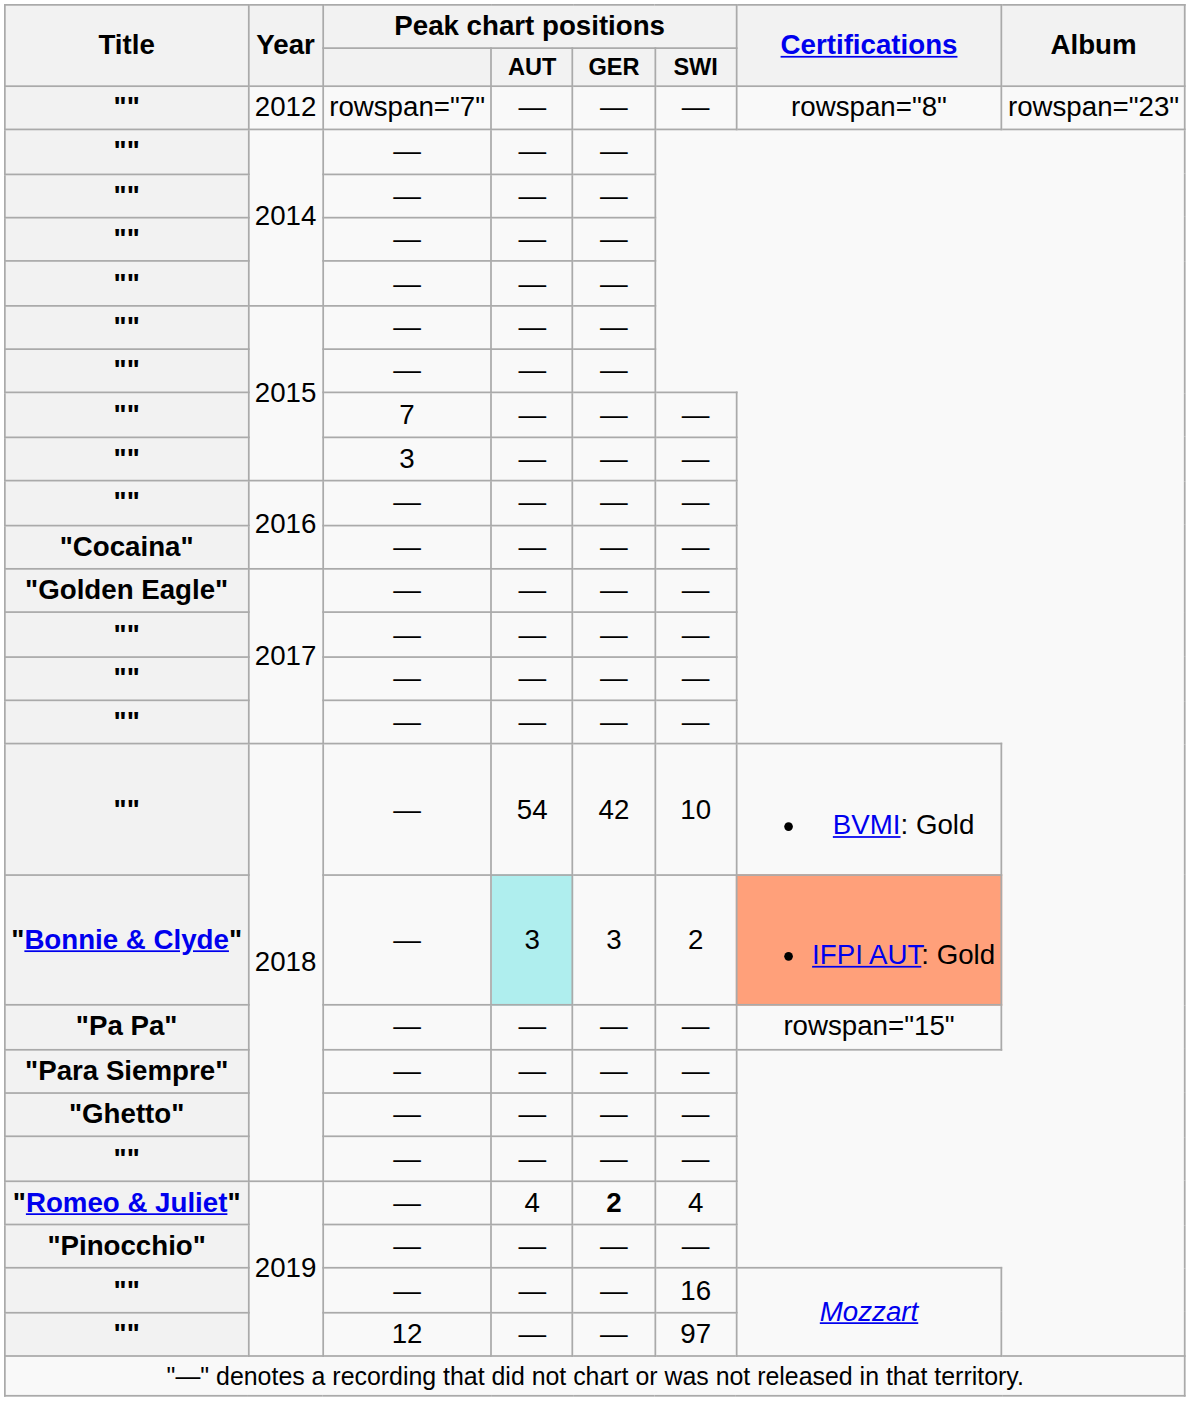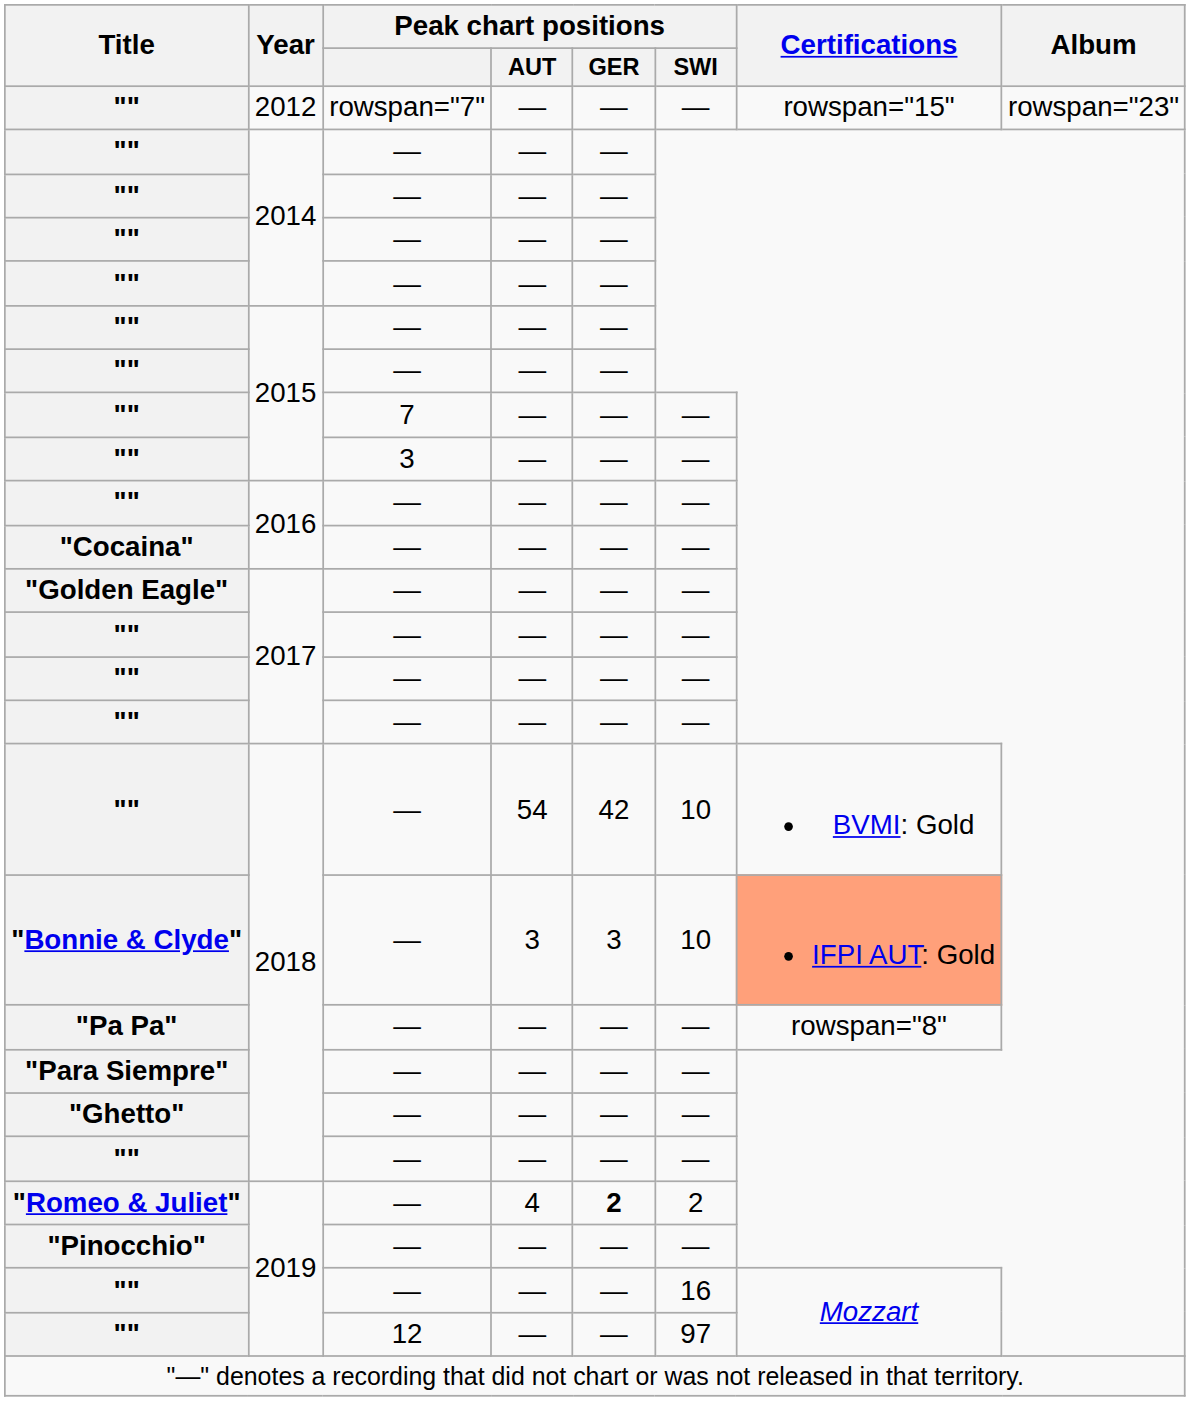 <table class="wikitable plainrowheaders" style="text-align:center;">
 <tr>
 <th scope="col" rowspan="2">Title</th>
 <th scope="col" rowspan="2">Year</th>
 <th scope="col" colspan="4">Peak chart positions</th>
 <th scope="col" rowspan="2"><a href='#'>Certifications</a></th>
 <th scope="col" rowspan="2">Album</th>
 </tr>
 <tr>
 <th style="width:3em; font-size:85%;"><a href='#'></a><br></th>
 <th style="width:3em; font-size:85%;">AUT<br></th>
 <th style="width:3em; font-size:85%;">GER<br></th>
 <th style="width:3em; font-size:85%;">SWI<br></th>
 </tr>
 <tr>
 <th scope="row">""</th>
 <td>2012</td>
 <td>rowspan="7" </td>
 <td>—</td>
 <td>—</td>
 <td>—</td>
-<td>rowspan="8" </td>
+<td>rowspan="15" </td>
 <td>rowspan="23" </td>
 </tr>
 <tr>
 <th scope="row">""</th>
 <td rowspan="4">2014</td>
 <td>—</td>
 <td>—</td>
 <td>—</td>
 </tr>
 <tr>
 <th scope="row">""</th>
 <td>—</td>
 <td>—</td>
 <td>—</td>
 </tr>
 <tr>
 <th scope="row">""</th>
 <td>—</td>
 <td>—</td>
 <td>—</td>
 </tr>
 <tr>
 <th scope="row">""<br></th>
 <td>—</td>
 <td>—</td>
 <td>—</td>
 </tr>
 <tr>
 <th scope="row">""</th>
 <td rowspan="4">2015</td>
 <td>—</td>
 <td>—</td>
 <td>—</td>
 </tr>
 <tr>
 <th scope="row">""<br></th>
 <td>—</td>
 <td>—</td>
 <td>—</td>
 </tr>
 <tr>
 <th scope="row">""<br></th>
 <td>7</td>
 <td>—</td>
 <td>—</td>
 <td>—</td>
 </tr>
 <tr>
 <th scope="row">""</th>
 <td>3</td>
 <td>—</td>
 <td>—</td>
 <td>—</td>
 </tr>
 <tr>
 <th scope="row">""<br></th>
 <td rowspan="2">2016</td>
 <td>—</td>
 <td>—</td>
 <td>—</td>
 <td>—</td>
 </tr>
 <tr>
 <th scope="row">"Cocaina"</th>
 <td>—</td>
 <td>—</td>
 <td>—</td>
 <td>—</td>
 </tr>
 <tr>
 <th scope="row">"Golden Eagle"</th>
 <td rowspan="4">2017</td>
 <td>—</td>
 <td>—</td>
 <td>—</td>
 <td>—</td>
 </tr>
 <tr>
 <th scope="row">""</th>
 <td>—</td>
 <td>—</td>
 <td>—</td>
 <td>—</td>
 </tr>
 <tr>
 <th scope="row">""</th>
 <td>—</td>
 <td>—</td>
 <td>—</td>
 <td>—</td>
 </tr>
 <tr>
 <th scope="row">""</th>
 <td>—</td>
 <td>—</td>
 <td>—</td>
 <td>—</td>
 </tr>
 <tr>
 <th scope="row">""<br></th>
 <td rowspan="6">2018</td>
 <td>—</td>
 <td>54</td>
 <td>42</td>
 <td>10</td>
 <td><br><ul><li><a href='#'>BVMI</a>: Gold</li></ul></td>
 </tr>
 <tr>
 <th scope="row">"<a href='#'>Bonnie & Clyde</a>"<br></th>
 <td>—</td>
-<td style="background: paleturquoise;">3</td>
 <td>3</td>
-<td>2</td>
+<td>3</td>
+<td>10</td>
 <td style="background: lightsalmon;"><br><ul><li><a href='#'>IFPI AUT</a>: Gold</li></ul></td>
 </tr>
 <tr>
 <th scope="row">"Pa Pa"</th>
 <td>—</td>
 <td>—</td>
 <td>—</td>
 <td>—</td>
-<td>rowspan="15" </td>
+<td>rowspan="8" </td>
 </tr>
 <tr>
 <th scope="row">"Para Siempre"<br></th>
 <td>—</td>
 <td>—</td>
 <td>—</td>
 <td>—</td>
 </tr>
 <tr>
 <th scope="row">"Ghetto"</th>
 <td>—</td>
 <td>—</td>
 <td>—</td>
 <td>—</td>
 </tr>
 <tr>
 <th scope="row">""</th>
 <td>—</td>
 <td>—</td>
 <td>—</td>
 <td>—</td>
 </tr>
 <tr>
 <th scope="row">"<a href='#'>Romeo & Juliet</a>"<br></th>
 <td rowspan="4">2019</td>
 <td>—</td>
 <td>4</td>
 <td><strong>2</strong></td>
-<td>4</td>
+<td>2</td>
 </tr>
 <tr>
 <th scope="row">"Pinocchio"<br></th>
 <td>—</td>
 <td>—</td>
 <td>—</td>
 <td>—</td>
 </tr>
 <tr>
 <th scope="row">""</th>
 <td>—</td>
 <td>—</td>
 <td>—</td>
 <td>16</td>
 <td rowspan="2"><em><a href='#'>Mozzart</a></em></td>
 </tr>
 <tr>
 <th scope="row">""</th>
 <td>12</td>
 <td>—</td>
 <td>—</td>
 <td>97</td>
 </tr>
 <tr>
 <td colspan="18" style="font-size:90%">"—" denotes a recording that did not chart or was not released in that territory.</td>
 </tr>
 </table>
